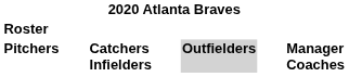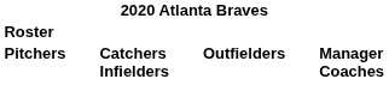 <table class="toccolours" style="font-size: 95%;">
 <tr>
 <th colspan="10">2020 Atlanta Braves</th>
 </tr>
 <tr>
 <td colspan="10"><strong>Roster</strong></td>
 </tr>
 <tr>
 <td valign="top"><strong>Pitchers</strong><br>                           </td>
 <td style="width:25px;"></td>
 <td valign="top"><strong>Catchers</strong><br>    <strong>Infielders</strong>         </td>
 <td style="width:25px;"></td>
-<td valign="top" style="background: lightgrey;"><strong>Outfielders</strong><br>      </td>
+<td valign="top"><strong>Outfielders</strong><br>      </td>
 <td style="width:25px;"></td>
 <td valign="top"><strong>Manager</strong><br> <strong>Coaches</strong>                          </td>
 </tr>
 </table>
